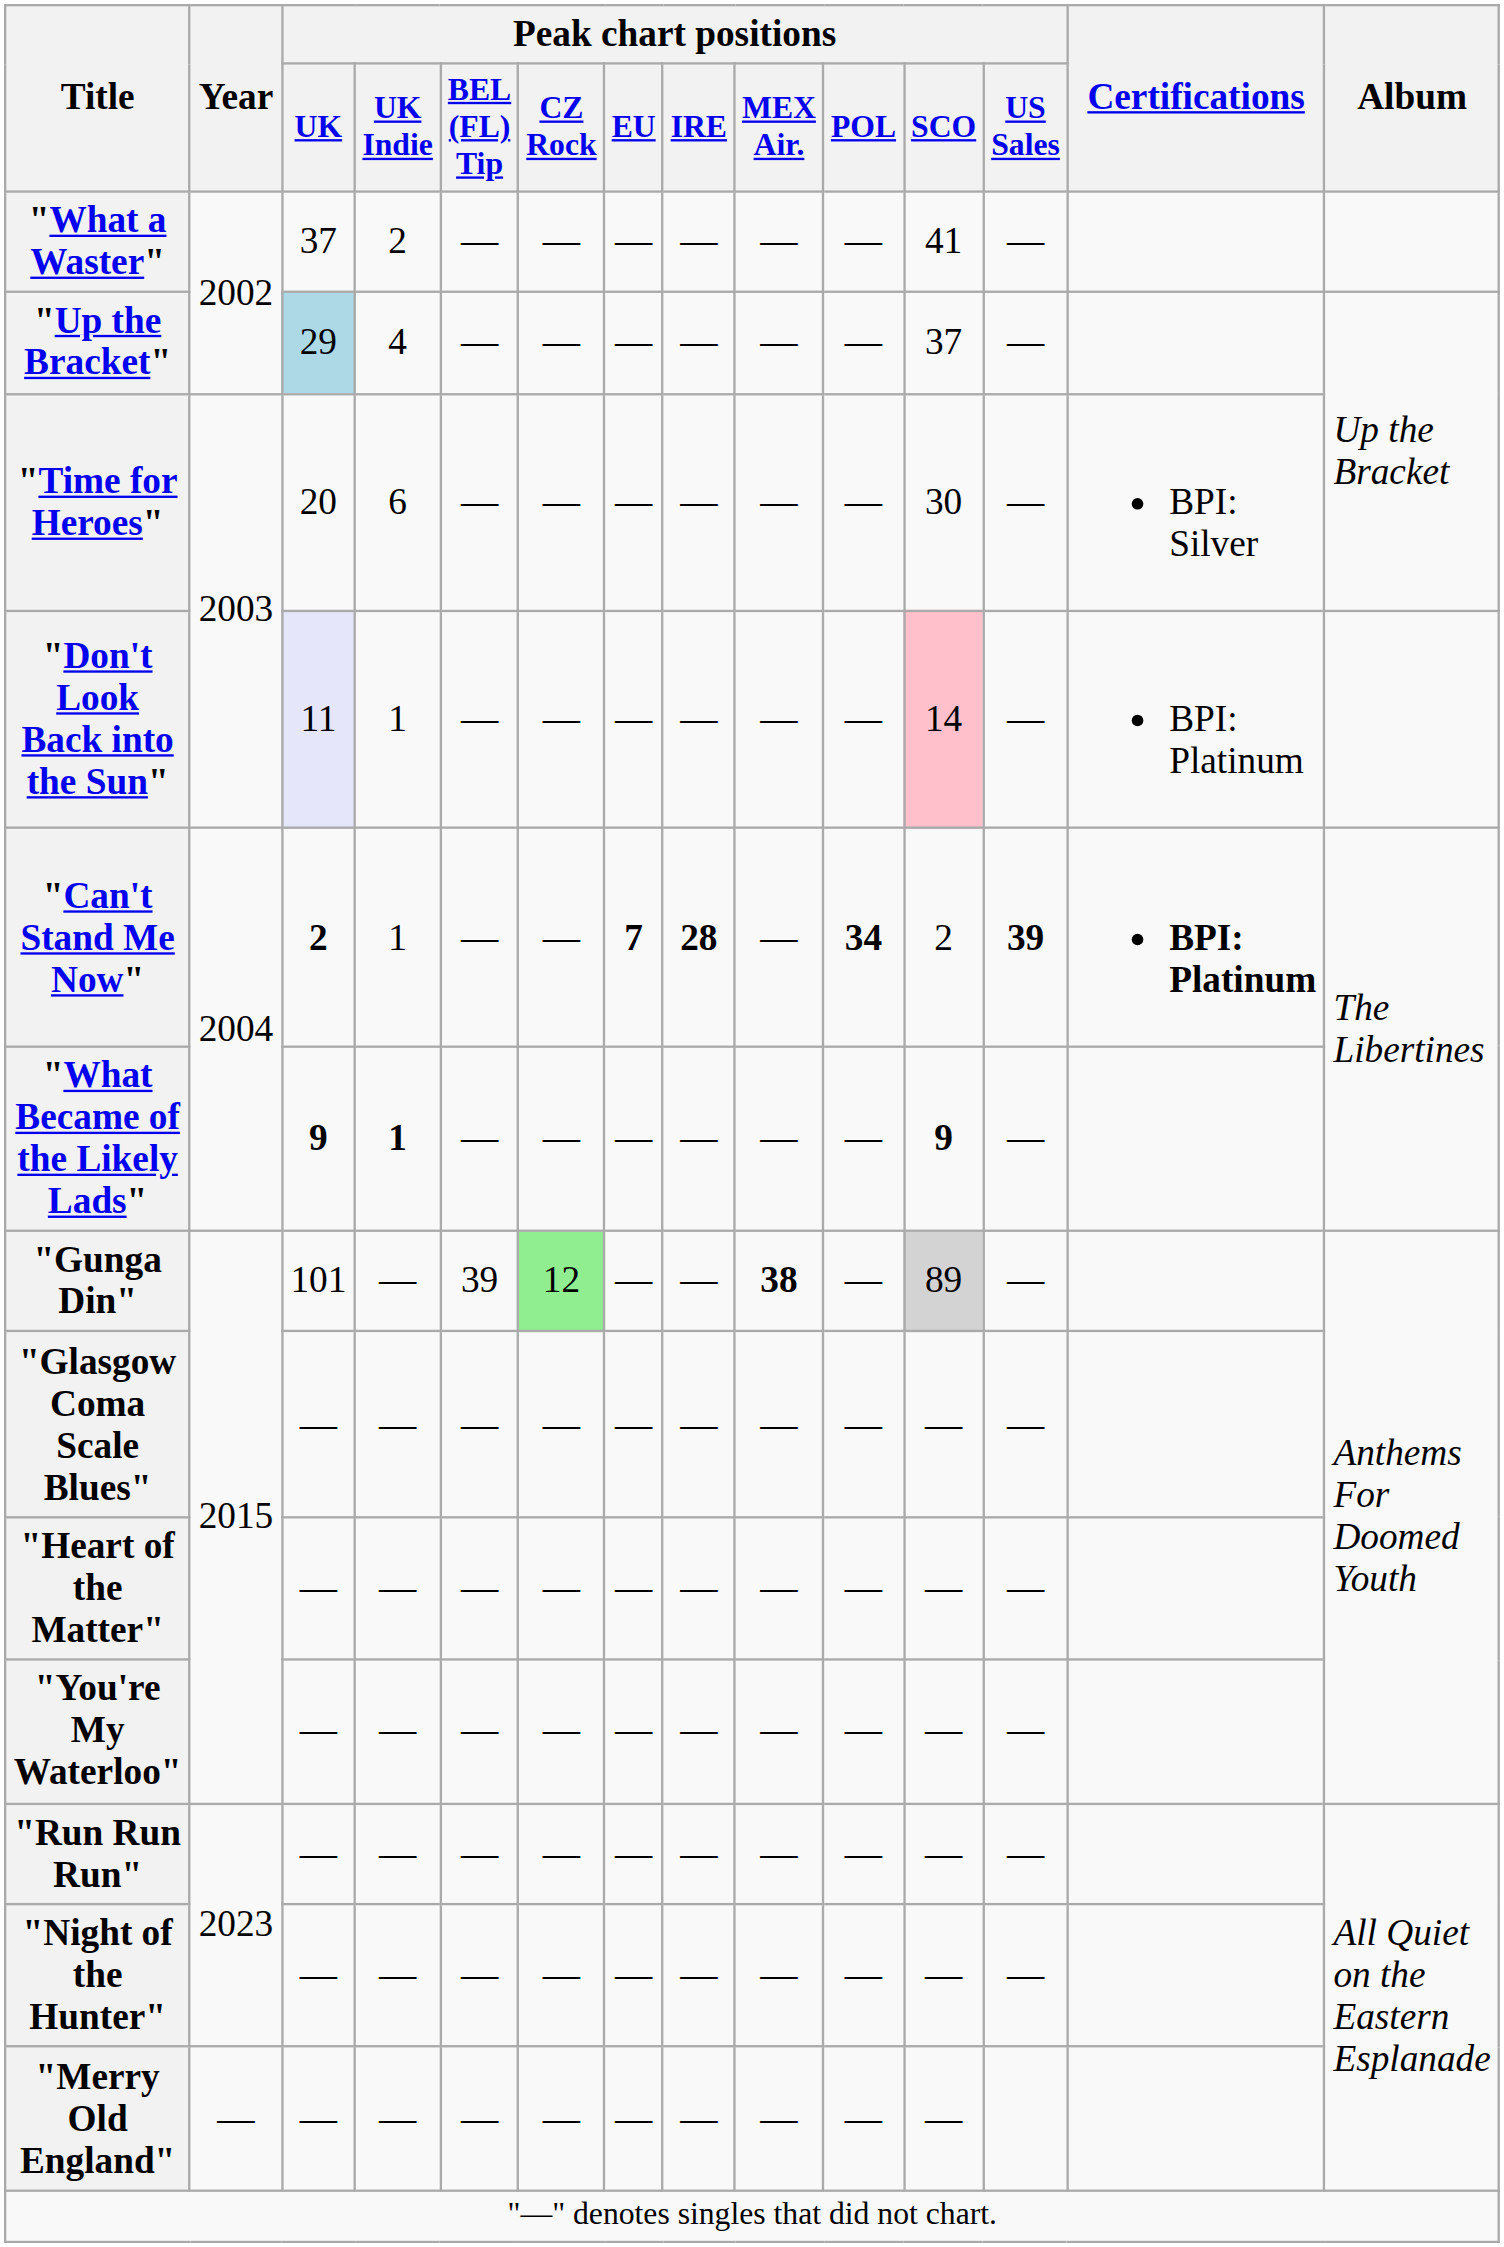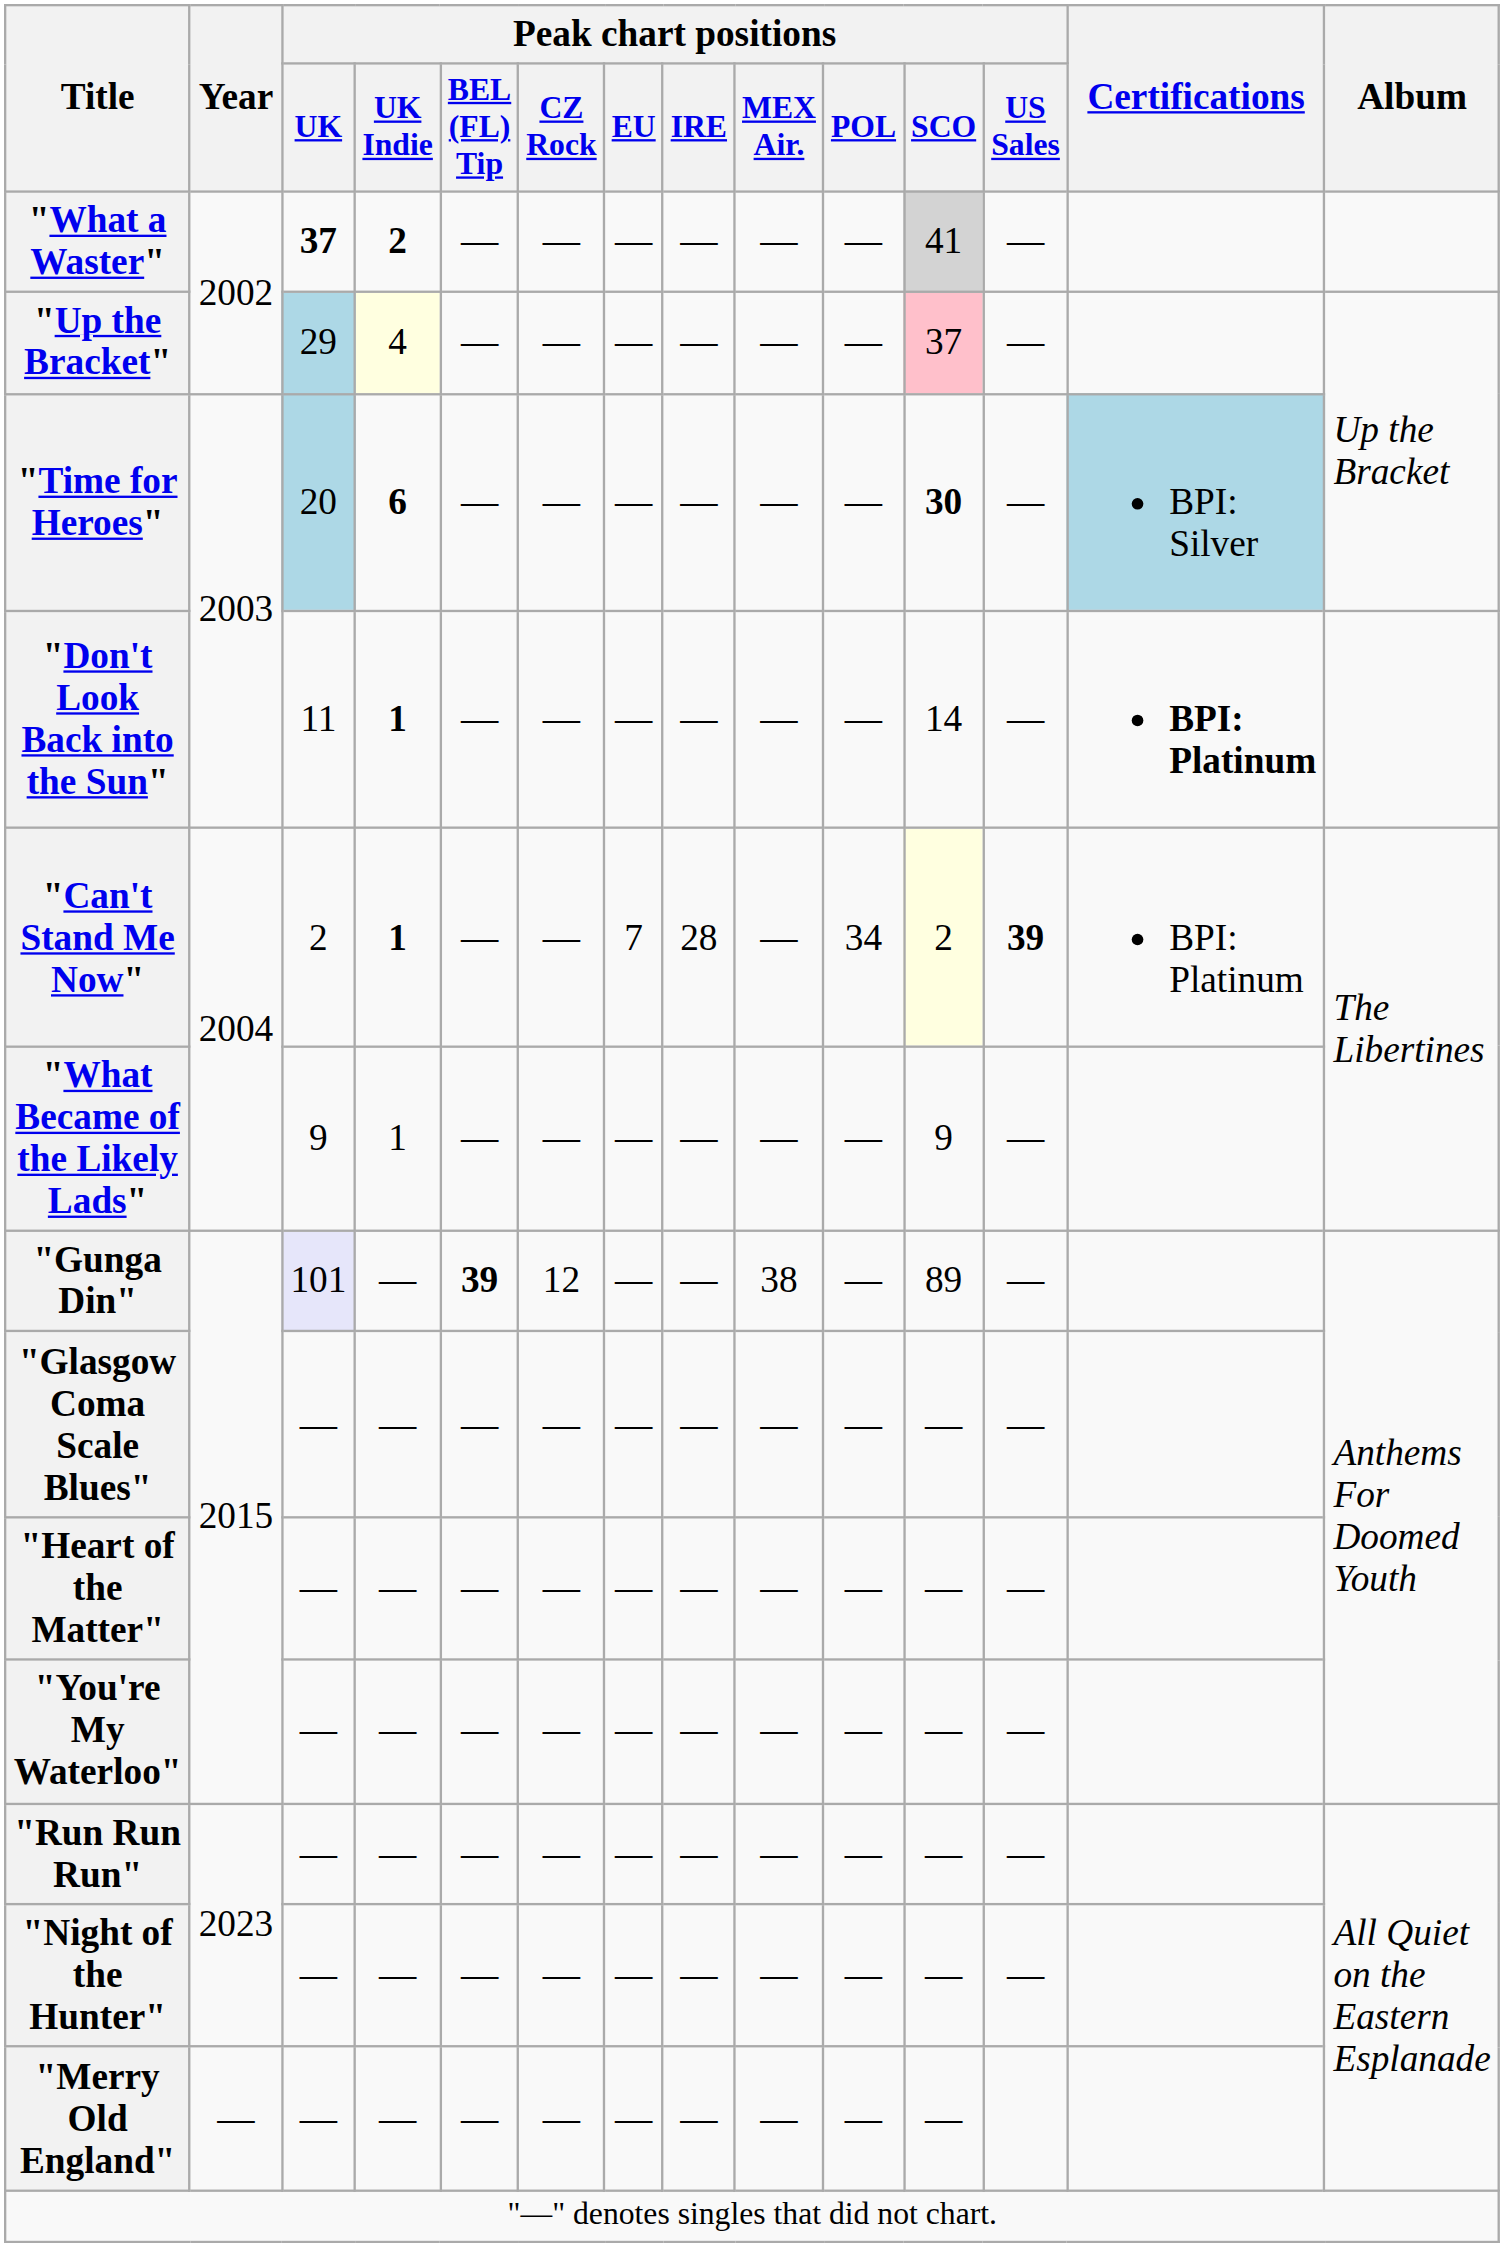 <table class="wikitable plainrowheaders">
 <tr>
 <th rowspan="2">Title</th>
 <th rowspan="2">Year</th>
 <th colspan="10">Peak chart positions</th>
 <th scope="col" rowspan="2" style="width:10em;"><a href='#'>Certifications</a></th>
 <th rowspan="2">Album</th>
 </tr>
 <tr>
 <th style="width:2.7em;font-size:85%"><a href='#'>UK</a><br></th>
 <th style="width:2.7em;font-size:85%"><a href='#'>UK<br>Indie</a><br></th>
 <th style="width:2.7em;font-size:85%"><a href='#'>BEL<br>(FL)<br>Tip</a><br></th>
 <th style="width:2.7em;font-size:85%"><a href='#'>CZ<br>Rock</a><br></th>
 <th style="width:2.7em;font-size:85%"><a href='#'>EU</a><br></th>
 <th style="width:2.7em;font-size:85%"><a href='#'>IRE</a><br></th>
 <th style="width:2.7em;font-size:85%;"><a href='#'>MEX<br>Air.</a><br></th>
 <th style="width:2.7em;font-size:85%"><a href='#'>POL</a><br></th>
 <th style="width:2.7em;font-size:85%"><a href='#'>SCO</a><br></th>
 <th style="width:2.7em;font-size:85%"><a href='#'>US<br>Sales</a><br></th>
 </tr>
 <tr>
 <th scope="row">"<a href='#'>What a Waster</a>"</th>
 <td rowspan="2">2002</td>
-<td align="center">37</td>
-<td align="center">2</td>
+<td align="center"><strong>37</strong></td>
+<td align="center"><strong>2</strong></td>
 <td align="center">—</td>
 <td align="center">—</td>
 <td align="center">—</td>
 <td align="center">—</td>
 <td align="center">—</td>
 <td align="center">—</td>
-<td align="center">41</td>
+<td align="center" style="background: lightgrey;">41</td>
 <td align="center">—</td>
 <td></td>
 <td></td>
 </tr>
 <tr>
 <th scope="row">"<a href='#'>Up the Bracket</a>"</th>
 <td align="center" style="background: lightblue;">29</td>
-<td align="center">4</td>
+<td align="center" style="background: lightyellow;">4</td>
 <td align="center">—</td>
 <td align="center">—</td>
 <td align="center">—</td>
 <td align="center">—</td>
 <td align="center">—</td>
 <td align="center">—</td>
-<td align="center">37</td>
+<td align="center" style="background: pink;">37</td>
 <td align="center">—</td>
 <td></td>
 <td rowspan="2"><em>Up the Bracket</em></td>
 </tr>
 <tr>
 <th scope="row">"<a href='#'>Time for Heroes</a>"</th>
 <td rowspan="2">2003</td>
-<td align="center">20</td>
-<td align="center">6</td>
+<td align="center" style="background: lightblue;">20</td>
+<td align="center"><strong>6</strong></td>
 <td align="center">—</td>
 <td align="center">—</td>
 <td align="center">—</td>
 <td align="center">—</td>
 <td align="center">—</td>
 <td align="center">—</td>
-<td align="center">30</td>
+<td align="center"><strong>30</strong></td>
 <td align="center">—</td>
-<td><br><ul><li>BPI: Silver</li></ul></td>
+<td style="background: lightblue;"><br><ul><li>BPI: Silver</li></ul></td>
 </tr>
 <tr>
 <th scope="row">"<a href='#'>Don't Look Back into the Sun</a>"</th>
-<td align="center" style="background: lavender;">11</td>
+<td align="center">11</td>
+<td align="center"><strong>1</strong></td>
+<td align="center">—</td>
+<td align="center">—</td>
+<td align="center">—</td>
+<td align="center">—</td>
+<td align="center">—</td>
+<td align="center">—</td>
+<td align="center">14</td>
+<td align="center">—</td>
+<td><strong><br><ul><li>BPI: Platinum</li></ul></strong></td>
+<td></td>
+</tr>
+<tr>
+<th scope="row">"<a href='#'>Can't Stand Me Now</a>"</th>
+<td rowspan="2">2004</td>
+<td align="center">2</td>
+<td align="center"><strong>1</strong></td>
+<td align="center">—</td>
+<td align="center">—</td>
+<td align="center">7</td>
+<td align="center">28</td>
+<td align="center">—</td>
+<td align="center">34</td>
+<td align="center" style="background: lightyellow;">2</td>
+<td align="center"><strong>39</strong></td>
+<td><br><ul><li>BPI: Platinum</li></ul></td>
+<td rowspan="2"><em>The Libertines</em></td>
+</tr>
+<tr>
+<th scope="row">"<a href='#'>What Became of the Likely Lads</a>"</th>
+<td align="center">9</td>
 <td align="center">1</td>
 <td align="center">—</td>
 <td align="center">—</td>
 <td align="center">—</td>
 <td align="center">—</td>
 <td align="center">—</td>
 <td align="center">—</td>
-<td align="center" style="background: pink;">14</td>
-<td align="center">—</td>
-<td><br><ul><li>BPI: Platinum</li></ul></td>
-<td></td>
-</tr>
-<tr>
-<th scope="row">"<a href='#'>Can't Stand Me Now</a>"</th>
-<td rowspan="2">2004</td>
-<td align="center"><strong>2</strong></td>
-<td align="center">1</td>
-<td align="center">—</td>
-<td align="center">—</td>
-<td align="center"><strong>7</strong></td>
-<td align="center"><strong>28</strong></td>
-<td align="center">—</td>
-<td align="center"><strong>34</strong></td>
-<td align="center">2</td>
-<td align="center"><strong>39</strong></td>
-<td><strong><br><ul><li>BPI: Platinum</li></ul></strong></td>
-<td rowspan="2"><em>The Libertines</em></td>
-</tr>
-<tr>
-<th scope="row">"<a href='#'>What Became of the Likely Lads</a>"</th>
-<td align="center"><strong>9</strong></td>
-<td align="center"><strong>1</strong></td>
-<td align="center">—</td>
-<td align="center">—</td>
-<td align="center">—</td>
-<td align="center">—</td>
-<td align="center">—</td>
-<td align="center">—</td>
-<td align="center"><strong>9</strong></td>
+<td align="center">9</td>
 <td align="center">—</td>
 <td></td>
 </tr>
 <tr>
 <th scope="row">"Gunga Din"</th>
 <td rowspan="4">2015</td>
-<td align="center">101</td>
+<td align="center" style="background: lavender;">101</td>
 <td align="center">—</td>
-<td align="center">39</td>
-<td align="center" style="background: lightgreen;">12</td>
+<td align="center"><strong>39</strong></td>
+<td align="center">12</td>
 <td align="center">—</td>
 <td align="center">—</td>
-<td align="center"><strong>38</strong></td>
+<td align="center">38</td>
 <td align="center">—</td>
-<td align="center" style="background: lightgrey;">89</td>
+<td align="center">89</td>
 <td align="center">—</td>
 <td></td>
 <td rowspan="4"><em>Anthems For Doomed Youth</em></td>
 </tr>
 <tr>
 <th scope="row">"Glasgow Coma Scale Blues"</th>
 <td align="center">—</td>
 <td align="center">—</td>
 <td align="center">—</td>
 <td align="center">—</td>
 <td align="center">—</td>
 <td align="center">—</td>
 <td align="center">—</td>
 <td align="center">—</td>
 <td align="center">—</td>
 <td align="center">—</td>
 <td></td>
 </tr>
 <tr>
 <th scope="row">"Heart of the Matter"</th>
 <td align="center">—</td>
 <td align="center">—</td>
 <td align="center">—</td>
 <td align="center">—</td>
 <td align="center">—</td>
 <td align="center">—</td>
 <td align="center">—</td>
 <td align="center">—</td>
 <td align="center">—</td>
 <td align="center">—</td>
 <td></td>
 </tr>
 <tr>
 <th scope="row">"You're My Waterloo"</th>
 <td align="center">—</td>
 <td align="center">—</td>
 <td align="center">—</td>
 <td align="center">—</td>
 <td align="center">—</td>
 <td align="center">—</td>
 <td align="center">—</td>
 <td align="center">—</td>
 <td align="center">—</td>
 <td align="center">—</td>
 <td></td>
 </tr>
 <tr>
 <th scope="row">"Run Run Run"</th>
 <td rowspan="2">2023</td>
 <td align="center">—</td>
 <td align="center">—</td>
 <td align="center">—</td>
 <td align="center">—</td>
 <td align="center">—</td>
 <td align="center">—</td>
 <td align="center">—</td>
 <td align="center">—</td>
 <td align="center">—</td>
 <td align="center">—</td>
 <td></td>
 <td rowspan="3"><em>All Quiet on the Eastern Esplanade</em></td>
 </tr>
 <tr>
 <th scope="row">"Night of the Hunter"</th>
 <td align="center">—</td>
 <td align="center">—</td>
 <td align="center">—</td>
 <td align="center">—</td>
 <td align="center">—</td>
 <td align="center">—</td>
 <td align="center">—</td>
 <td align="center">—</td>
 <td align="center">—</td>
 <td align="center">—</td>
 <td></td>
 </tr>
 <tr>
 <th scope="row">"Merry Old England"</th>
 <td align="center">—</td>
 <td align="center">—</td>
 <td align="center">—</td>
 <td align="center">—</td>
 <td align="center">—</td>
 <td align="center">—</td>
 <td align="center">—</td>
 <td align="center">—</td>
 <td align="center">—</td>
 <td align="center">—</td>
 <td></td>
 </tr>
 <tr>
 <td align="center" colspan="14" style="font-size: 85%">"—" denotes singles that did not chart.</td>
 </tr>
 </table>
